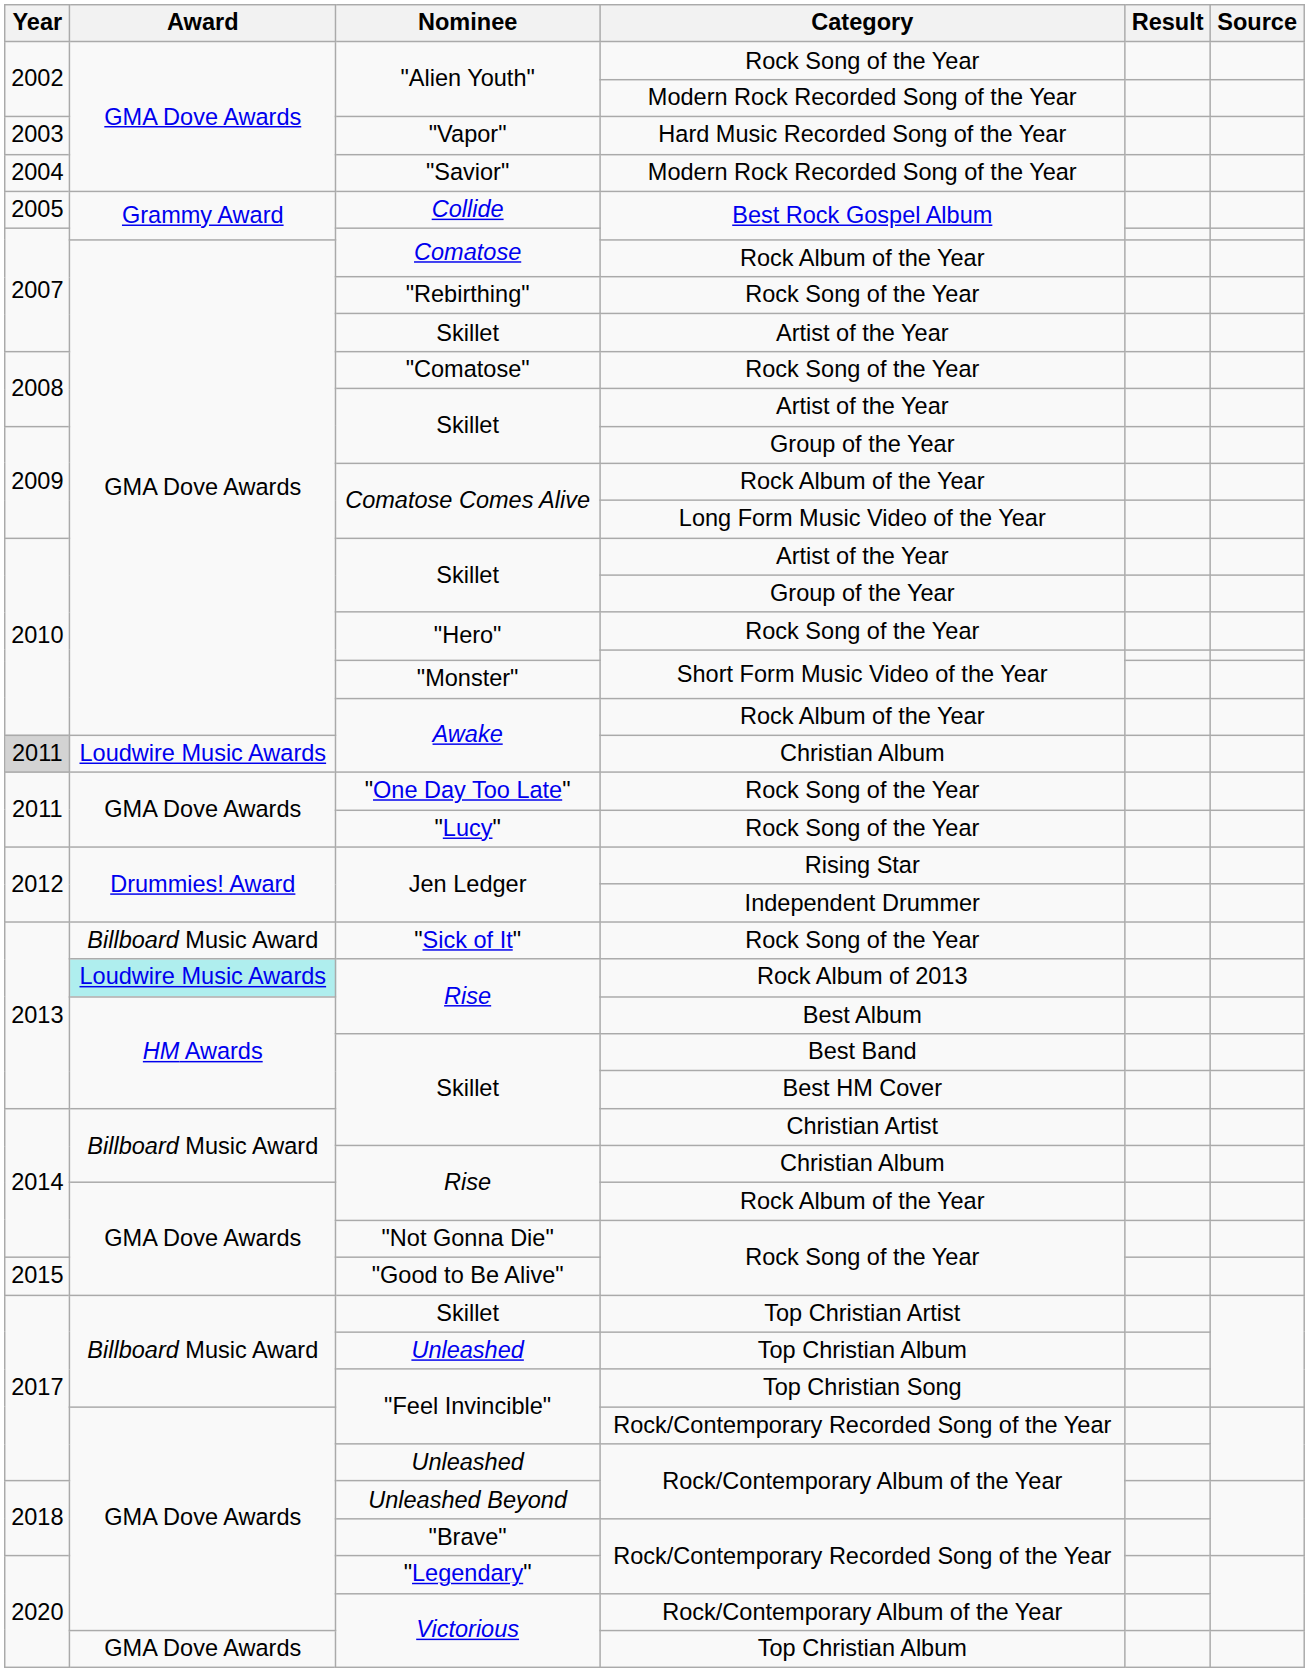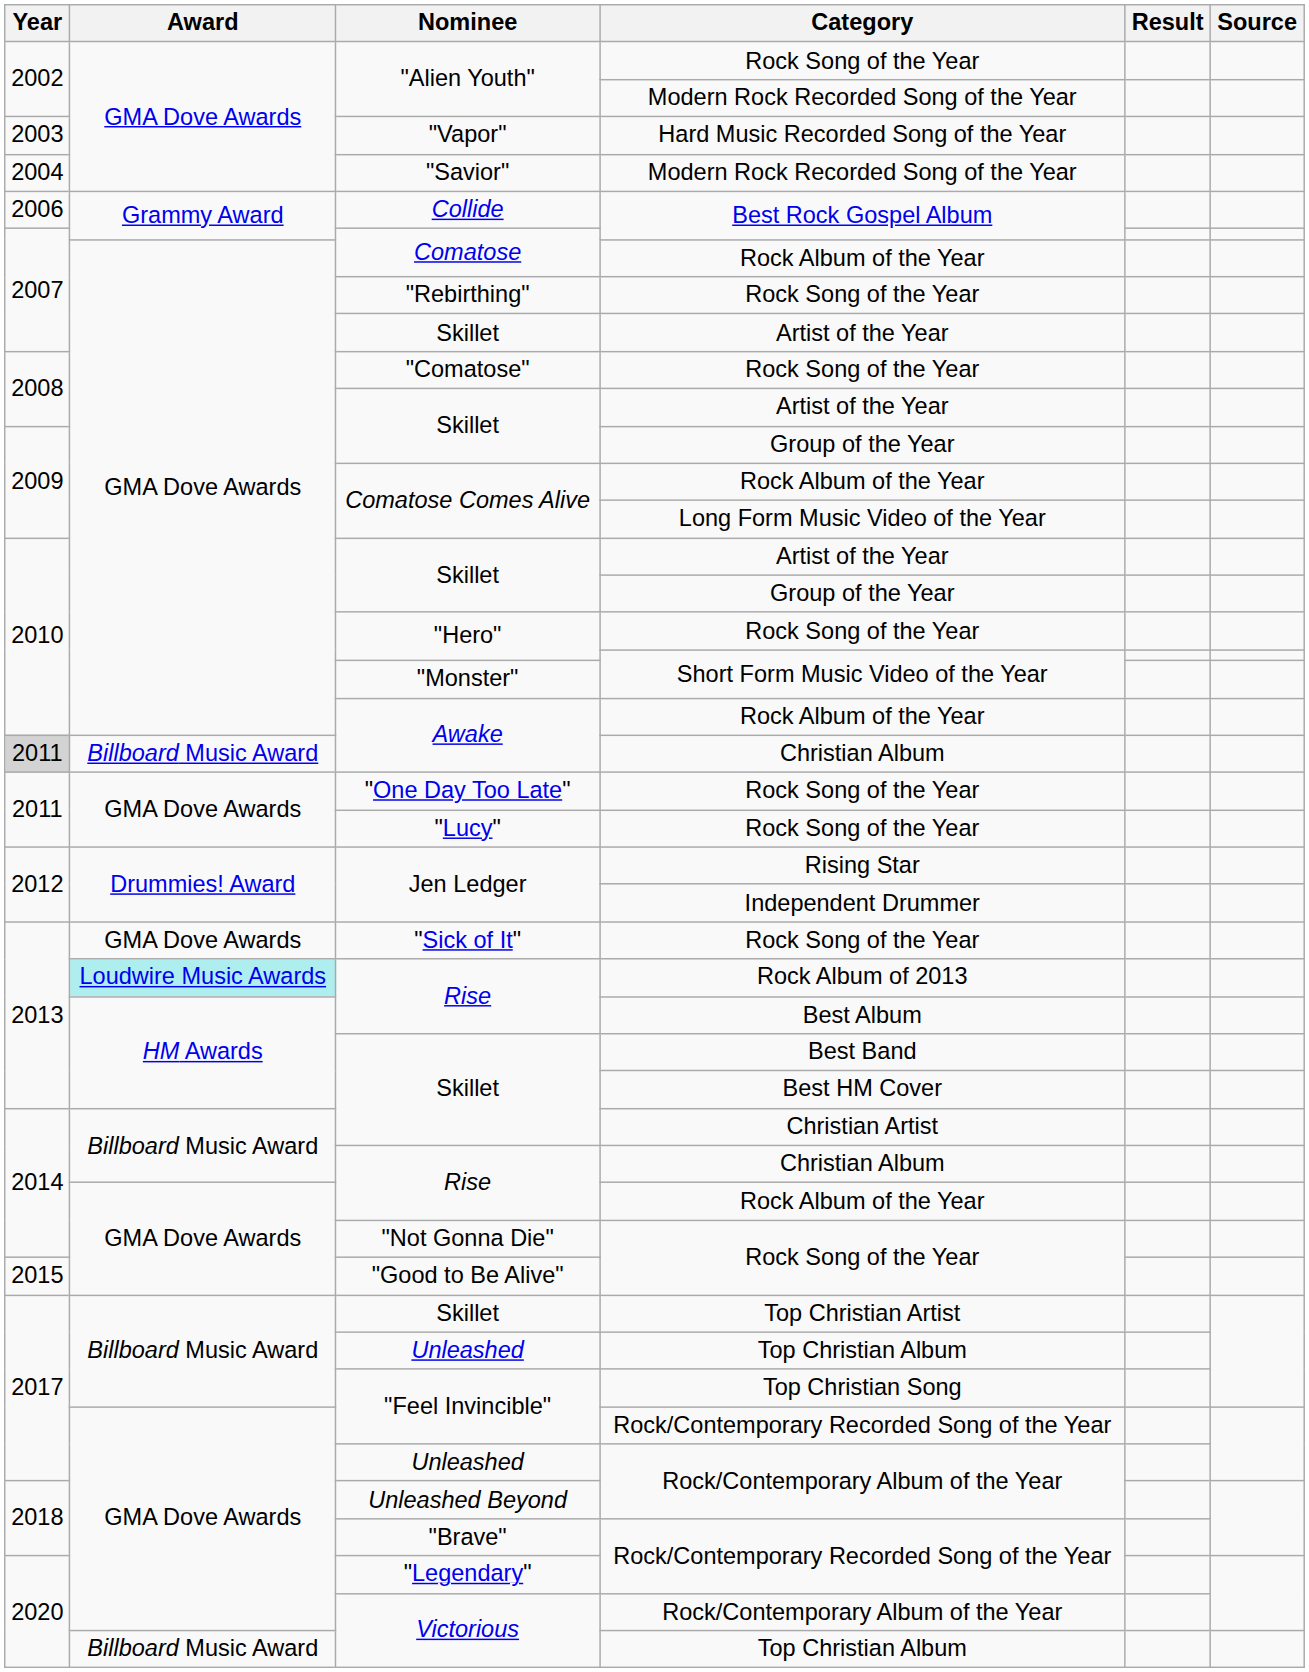 <table class="wikitable" width=70% style="text-align: center;">
 <tr>
 <th>Year</th>
 <th>Award</th>
 <th>Nominee</th>
 <th>Category</th>
 <th>Result</th>
 <th>Source </th>
 </tr>
 <tr>
 <td rowspan="2">2002</td>
 <td rowspan="4"><a href='#'>GMA Dove Awards</a></td>
 <td rowspan="2">"Alien Youth"</td>
 <td>Rock Song of the Year</td>
 <td></td>
 <td></td>
 </tr>
 <tr>
 <td>Modern Rock Recorded Song of the Year</td>
 <td></td>
 <td></td>
 </tr>
 <tr>
 <td>2003</td>
 <td>"Vapor"</td>
 <td>Hard Music Recorded Song of the Year</td>
 <td></td>
 <td></td>
 </tr>
 <tr>
 <td>2004</td>
 <td>"Savior"</td>
 <td>Modern Rock Recorded Song of the Year</td>
 <td></td>
 <td></td>
 </tr>
 <tr>
-<td>2005</td>
+<td>2006</td>
 <td rowspan="2"><a href='#'>Grammy Award</a></td>
 <td><a href='#'><em>Collide</em></a></td>
 <td rowspan="2"><a href='#'>Best Rock Gospel Album</a></td>
 <td></td>
 <td></td>
 </tr>
 <tr>
 <td rowspan="4">2007</td>
 <td rowspan="2"><em><a href='#'>Comatose</a></em></td>
 <td></td>
 <td></td>
 </tr>
 <tr>
 <td rowspan="14">GMA Dove Awards</td>
 <td>Rock Album of the Year</td>
 <td></td>
 <td></td>
 </tr>
 <tr>
 <td>"Rebirthing"</td>
 <td>Rock Song of the Year</td>
 <td></td>
 <td></td>
 </tr>
 <tr>
 <td>Skillet</td>
 <td>Artist of the Year</td>
 <td></td>
 <td></td>
 </tr>
 <tr>
 <td rowspan="2">2008</td>
 <td>"Comatose"</td>
 <td>Rock Song of the Year</td>
 <td></td>
 <td></td>
 </tr>
 <tr>
 <td rowspan="2">Skillet</td>
 <td>Artist of the Year</td>
 <td></td>
 <td></td>
 </tr>
 <tr>
 <td rowspan="3">2009</td>
 <td>Group of the Year</td>
 <td></td>
 <td></td>
 </tr>
 <tr>
 <td rowspan="2"><em>Comatose Comes Alive</em></td>
 <td>Rock Album of the Year</td>
 <td></td>
 <td></td>
 </tr>
 <tr>
 <td>Long Form Music Video of the Year</td>
 <td></td>
 <td></td>
 </tr>
 <tr>
 <td rowspan="6">2010</td>
 <td rowspan="2">Skillet</td>
 <td>Artist of the Year</td>
 <td></td>
 <td></td>
 </tr>
 <tr>
 <td>Group of the Year</td>
 <td></td>
 <td></td>
 </tr>
 <tr>
 <td rowspan="2">"Hero"</td>
 <td>Rock Song of the Year</td>
 <td></td>
 <td></td>
 </tr>
 <tr>
 <td rowspan="2">Short Form Music Video of the Year</td>
 <td></td>
 <td></td>
 </tr>
 <tr>
 <td>"Monster"</td>
 <td></td>
 <td></td>
 </tr>
 <tr>
 <td rowspan="2"><a href='#'><em>Awake</em></a></td>
 <td>Rock Album of the Year</td>
 <td></td>
 <td></td>
 </tr>
 <tr>
 <td style="background: lightgrey;">2011</td>
-<td><a href='#'>Loudwire Music Awards</a></td>
+<td><a href='#'><em>Billboard</em> Music Award</a></td>
 <td>Christian Album</td>
 <td></td>
 <td></td>
 </tr>
 <tr>
 <td rowspan="2">2011</td>
 <td rowspan="2">GMA Dove Awards</td>
 <td>"<a href='#'>One Day Too Late</a>"</td>
 <td>Rock Song of the Year</td>
 <td></td>
 <td></td>
 </tr>
 <tr>
 <td>"<a href='#'>Lucy</a>"</td>
 <td>Rock Song of the Year</td>
 <td></td>
 <td></td>
 </tr>
 <tr>
 <td rowspan="2">2012</td>
 <td rowspan="2"><a href='#'>Drummies! Award</a></td>
 <td rowspan="2">Jen Ledger</td>
 <td>Rising Star</td>
 <td></td>
 <td></td>
 </tr>
 <tr>
 <td>Independent Drummer</td>
 <td></td>
 <td></td>
 </tr>
 <tr>
 <td rowspan="5">2013</td>
-<td><em>Billboard</em> Music Award</td>
+<td>GMA Dove Awards</td>
 <td>"<a href='#'>Sick of It</a>"</td>
 <td>Rock Song of the Year</td>
 <td></td>
 <td></td>
 </tr>
 <tr>
 <td style="background: paleturquoise;"><a href='#'>Loudwire Music Awards</a></td>
 <td rowspan="2"><a href='#'><em>Rise</em></a></td>
 <td>Rock Album of 2013</td>
 <td></td>
 <td></td>
 </tr>
 <tr>
 <td rowspan="3"><a href='#'><em>HM</em> Awards</a></td>
 <td>Best Album</td>
 <td></td>
 <td></td>
 </tr>
 <tr>
 <td rowspan="3">Skillet</td>
 <td>Best Band</td>
 <td></td>
 <td></td>
 </tr>
 <tr>
 <td>Best HM Cover</td>
 <td></td>
 <td></td>
 </tr>
 <tr>
 <td rowspan="4">2014</td>
 <td rowspan="2"><em>Billboard</em> Music Award</td>
 <td>Christian Artist</td>
 <td></td>
 <td></td>
 </tr>
 <tr>
 <td rowspan="2"><em>Rise</em></td>
 <td>Christian Album</td>
 <td></td>
 <td></td>
 </tr>
 <tr>
 <td rowspan="3">GMA Dove Awards</td>
 <td>Rock Album of the Year</td>
 <td></td>
 <td></td>
 </tr>
 <tr>
 <td>"Not Gonna Die"</td>
 <td rowspan="2">Rock Song of the Year</td>
 <td></td>
 <td></td>
 </tr>
 <tr>
 <td>2015</td>
 <td>"Good to Be Alive"</td>
 <td></td>
 <td></td>
 </tr>
 <tr>
 <td rowspan="5">2017</td>
 <td rowspan="3"><em>Billboard</em> Music Award</td>
 <td>Skillet</td>
 <td>Top Christian Artist</td>
 <td></td>
 <td rowspan="3"></td>
 </tr>
 <tr>
 <td><em><a href='#'>Unleashed</a></em></td>
 <td>Top Christian Album</td>
 <td></td>
 </tr>
 <tr>
 <td rowspan="2">"Feel Invincible"</td>
 <td>Top Christian Song</td>
 <td></td>
 </tr>
 <tr>
 <td rowspan="6">GMA Dove Awards</td>
 <td>Rock/Contemporary Recorded Song of the Year</td>
 <td></td>
 <td rowspan="2"></td>
 </tr>
 <tr>
 <td><em>Unleashed</em></td>
 <td rowspan="2">Rock/Contemporary Album of the Year</td>
 <td></td>
 </tr>
 <tr>
 <td rowspan="2">2018</td>
 <td><em>Unleashed Beyond</em></td>
 <td></td>
 <td rowspan="2"></td>
 </tr>
 <tr>
 <td>"Brave"</td>
 <td rowspan="2">Rock/Contemporary Recorded Song of the Year</td>
 <td></td>
 </tr>
 <tr>
 <td rowspan="3">2020</td>
 <td>"<a href='#'>Legendary</a>"</td>
 <td></td>
 <td rowspan="2"></td>
 </tr>
 <tr>
 <td rowspan="2"><a href='#'><em>Victorious</em></a></td>
 <td>Rock/Contemporary Album of the Year</td>
 <td></td>
 </tr>
 <tr>
-<td>GMA Dove Awards</td>
+<td><em>Billboard</em> Music Award</td>
 <td>Top Christian Album</td>
 <td></td>
 <td></td>
 </tr>
 </table>
